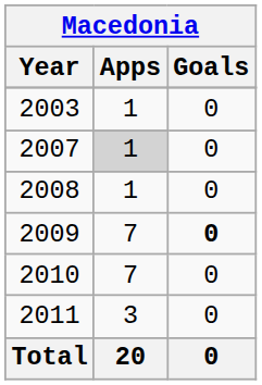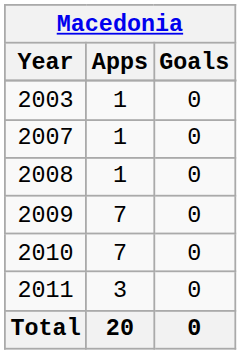 <table class="wikitable" style="text-align:center">
 <tr>
 <th colspan=3><a href='#'>Macedonia</a></th>
 </tr>
 <tr>
 <th>Year</th>
 <th>Apps</th>
 <th>Goals</th>
 </tr>
 <tr>
 </tr>
 <tr>
 <td>2003</td>
 <td>1</td>
 <td>0</td>
 </tr>
 <tr>
 <td>2007</td>
-<td style="background: lightgrey;">1</td>
+<td>1</td>
 <td>0</td>
 </tr>
 <tr>
 <td>2008</td>
 <td>1</td>
 <td>0</td>
 </tr>
 <tr>
 <td>2009</td>
 <td>7</td>
-<td><strong>0</strong></td>
+<td>0</td>
 </tr>
 <tr>
 <td>2010</td>
 <td>7</td>
 <td>0</td>
 </tr>
 <tr>
 <td>2011</td>
 <td>3</td>
 <td>0</td>
 </tr>
 <tr>
 <th>Total</th>
 <th>20</th>
 <th>0</th>
 </tr>
 </table>
